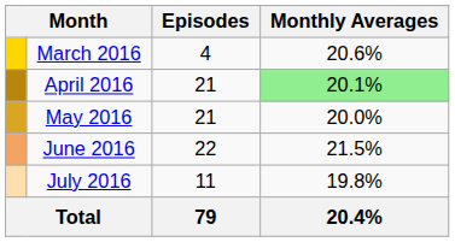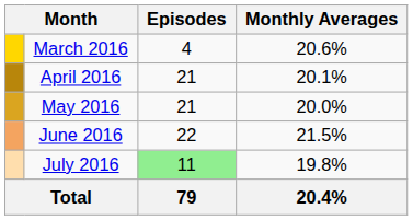 <table class="wikitable plainrowheaders" style="text-align: center; line-height:25px;">
 <tr class="wikitable" style="text-align: center;">
 <th colspan="2" rowspan="2" style="padding: 0 8px;">Month</th>
 <th rowspan="2" style="padding: 0 8px;">Episodes</th>
 </tr>
 <tr>
 <th style="padding: 0 8px;">Monthly Averages</th>
 </tr>
 <tr>
 <td style="padding: 0 8px; background:#FFD700;"></td>
 <td style="padding: 0 8px;" '><a href='#'>March 2016</a></td>
 <td style="padding: 0 8px;">4</td>
 <td style="padding: 0 8px;">20.6%</td>
 </tr>
 <tr>
 <td style="padding: 0 8px; background:#B8860B;"></td>
 <td style="padding: 0 8px;" '><a href='#'>April 2016</a></td>
 <td style="padding: 0 8px;">21</td>
-<td style="background: lightgreen; padding: 0 8px;">20.1%</td>
+<td style="padding: 0 8px;">20.1%</td>
 </tr>
 <tr>
 <td style="padding: 0 8px; background:#DAA520;"></td>
 <td style="padding: 0 8px;" '><a href='#'>May 2016</a></td>
 <td style="padding: 0 8px;">21</td>
 <td style="padding: 0 8px;">20.0%</td>
 </tr>
 <tr>
 <td style="padding: 0 8px; background:#F4A460;"></td>
 <td style="padding: 0 8px;" '><a href='#'>June 2016</a></td>
 <td style="padding: 0 8px;">22</td>
 <td style="padding: 0 8px;">21.5%</td>
 </tr>
 <tr>
 <td style="padding: 0 8px; background:#FFDEAD;"></td>
 <td style="padding: 0 8px;" '><a href='#'>July 2016</a></td>
-<td style="padding: 0 8px;">11</td>
+<td style="background: lightgreen; padding: 0 8px;">11</td>
 <td style="padding: 0 8px;">19.8%</td>
 </tr>
 <tr>
 <th colspan="2">Total</th>
 <th colspan="1">79</th>
 <th colspan="2">20.4%</th>
 </tr>
 </table>
